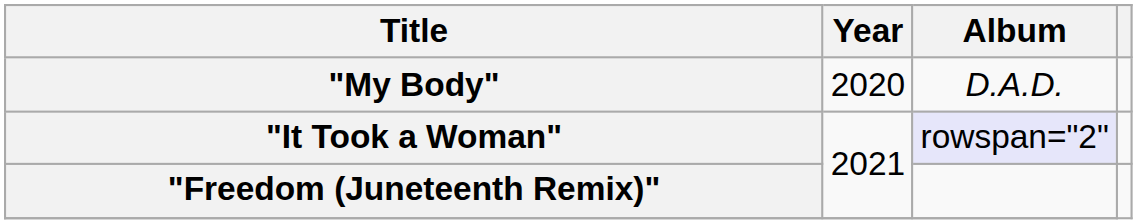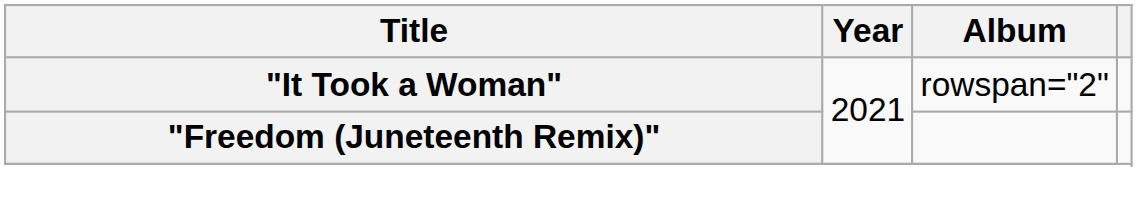 <table class="wikitable plainrowheaders" style="text-align:center;">
 <tr>
 <th style="width:24em;">Title</th>
 <th>Year</th>
 <th>Album</th>
 <th></th>
 </tr>
 <tr>
-<th scope="row">"My Body"<br></th>
-<td>2020</td>
-<td><em>D.A.D.</em></td>
-<td></td>
-</tr>
-<tr>
 <th scope="row">"It Took a Woman"<br></th>
 <td rowspan="2">2021</td>
-<td style="background: lavender;">rowspan="2" </td>
+<td>rowspan="2" </td>
 <td></td>
 </tr>
 <tr>
 <th scope="row">"Freedom (Juneteenth Remix)"<br></th>
 <td></td>
 </tr>
 <tr>
 </tr>
 </table>
